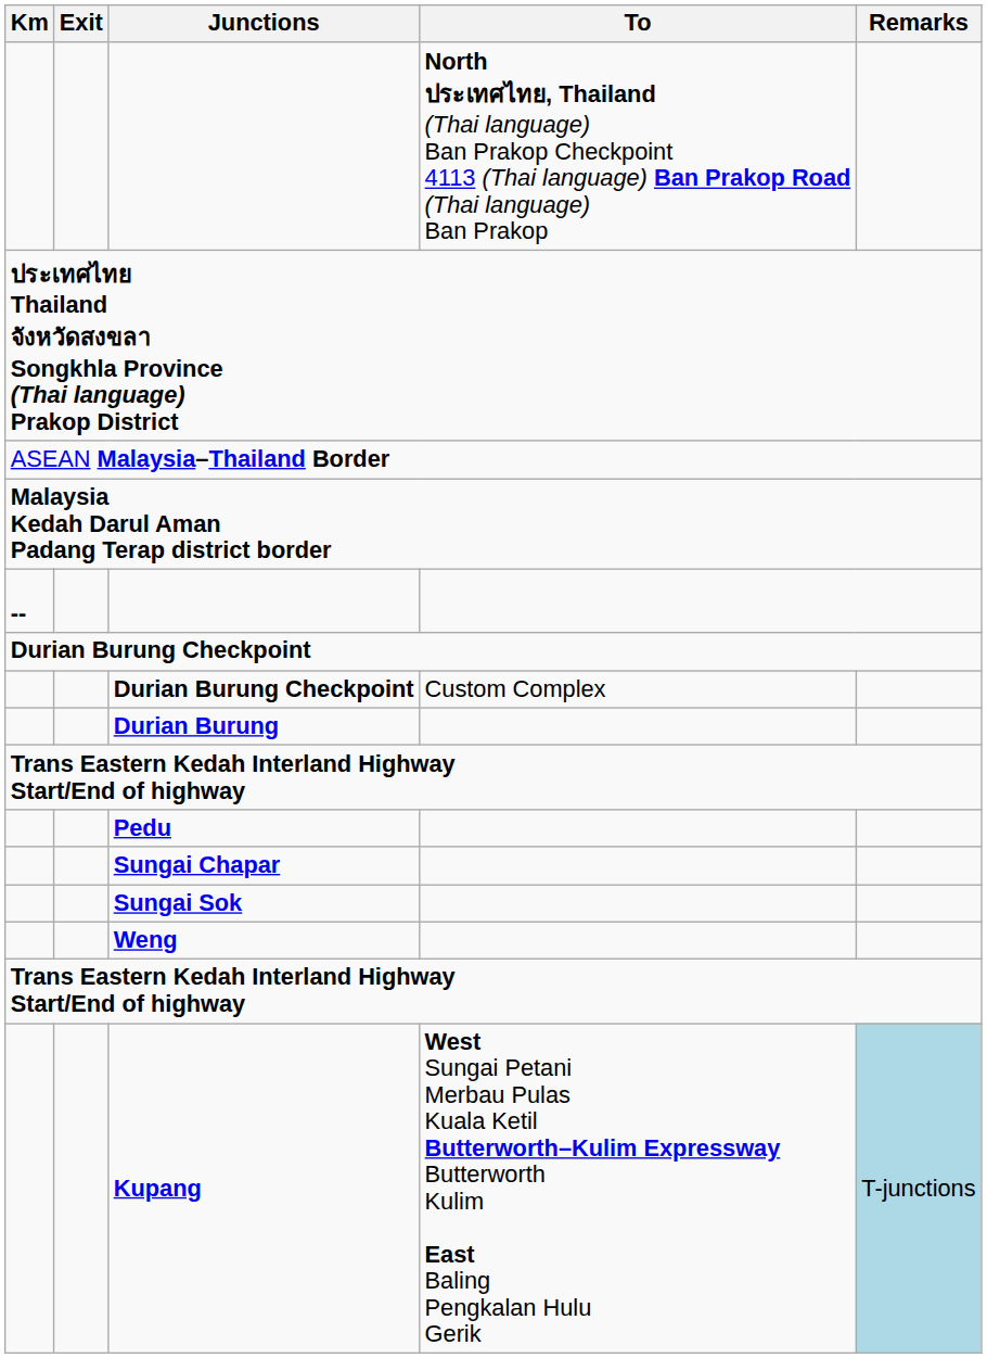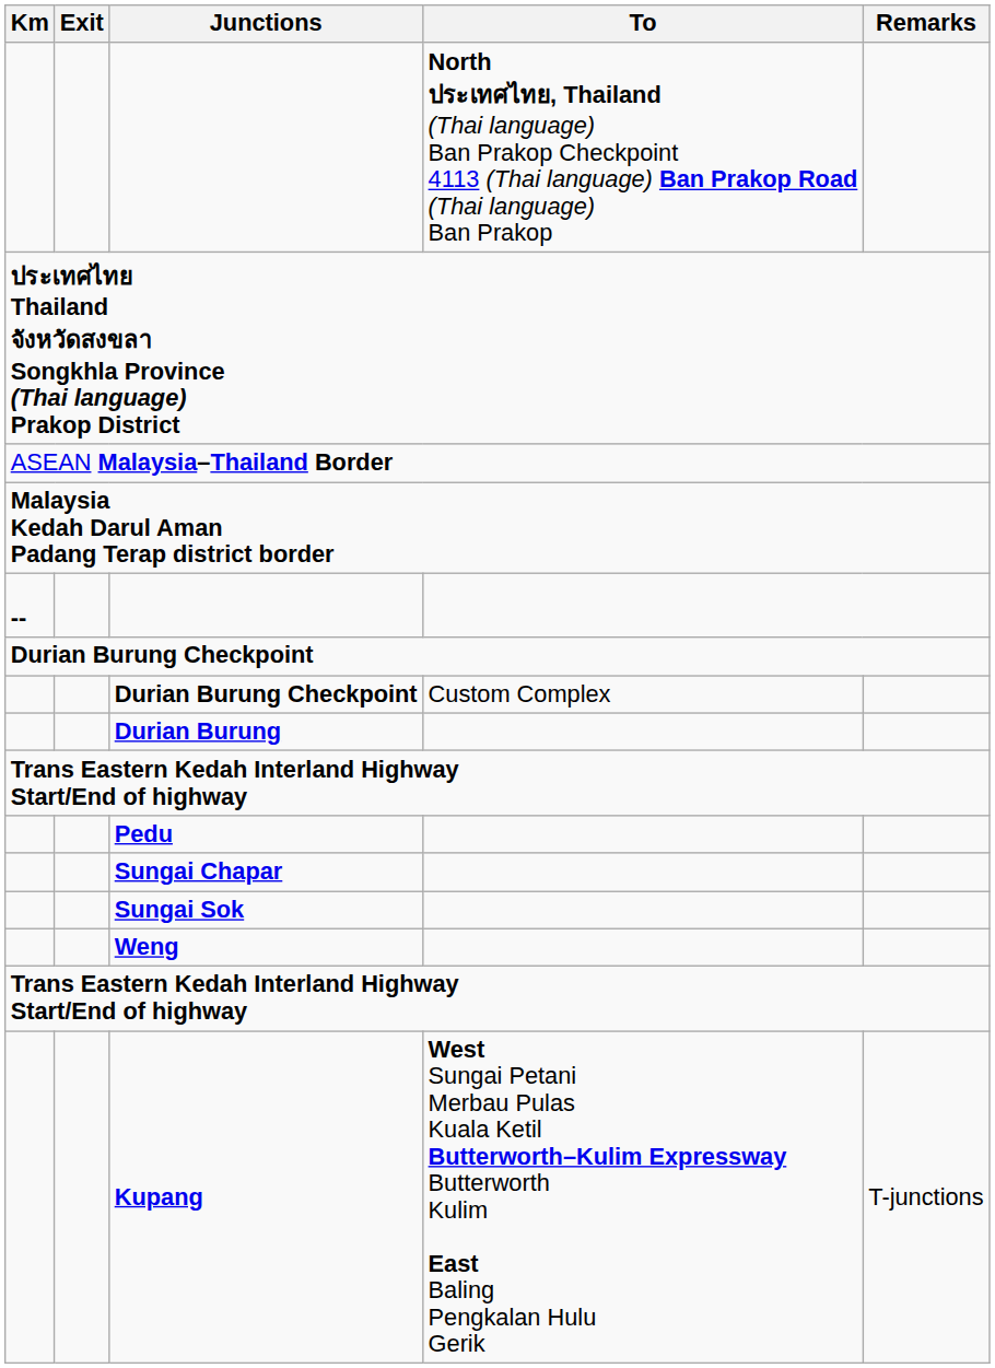 <table class="wikitable">
 <tr>
 <th>Km</th>
 <th>Exit</th>
 <th>Junctions</th>
 <th>To</th>
 <th>Remarks</th>
 </tr>
 <tr>
 <td></td>
 <td></td>
 <td></td>
 <td><strong>North</strong><br> <strong>ประเทศไทย, Thailand</strong><br><em>(Thai language)</em><br>Ban Prakop Checkpoint<br><a href='#'>4113</a> <em>(Thai language)</em> <strong><a href='#'>Ban Prakop Road</a></strong><br><em>(Thai language)</em><br>Ban Prakop</td>
 <td></td>
 </tr>
 <tr>
 <td style="width:600px" colspan="6" style="text-align:center; background:blue;"><strong><span>ประเทศไทย<br>Thailand<br>จังหวัดสงขลา<br>Songkhla Province<br><em>(Thai language)</em><br>Prakop District</span></strong></td>
 </tr>
 <tr>
 <td style="width:600px" colspan="6" style="text-align:center; background:yellow;"><span><a href='#'>ASEAN</a> <strong><a href='#'>Malaysia</a>–<a href='#'>Thailand</a> Border</strong></span></td>
 </tr>
 <tr>
 <td style="width:600px" colspan="6" style="text-align:center; background:blue;"><strong><span>Malaysia<br>Kedah Darul Aman<br>Padang Terap district border</span></strong></td>
 </tr>
 <tr>
 <td><br><strong>--</strong></td>
 <td></td>
 <td></td>
 </tr>
 <tr>
 <td style="width:600px" colspan="6" style="text-align:center; background:blue;"><strong><span>Durian Burung Checkpoint<br></span></strong></td>
 </tr>
 <tr>
 <td></td>
 <td></td>
 <td><strong>Durian Burung Checkpoint</strong></td>
 <td>Custom Complex</td>
 <td></td>
 </tr>
 <tr>
 <td></td>
 <td></td>
 <td><strong><a href='#'>Durian Burung</a></strong></td>
 <td></td>
 <td></td>
 </tr>
 <tr>
 <td style="width:600px" colspan="6" style="text-align:center; background:orange;"><strong><span> Trans Eastern Kedah Interland Highway<br>Start/End of highway<br></span></strong></td>
 </tr>
 <tr>
 <td></td>
 <td></td>
 <td><strong><a href='#'>Pedu</a></strong></td>
 <td></td>
 <td></td>
 </tr>
 <tr>
 <td></td>
 <td></td>
 <td><strong><a href='#'>Sungai Chapar</a></strong></td>
 <td></td>
 <td></td>
 </tr>
 <tr>
 <td></td>
 <td></td>
 <td><strong><a href='#'>Sungai Sok</a></strong></td>
 <td></td>
 <td></td>
 </tr>
 <tr>
 <td></td>
 <td></td>
 <td><strong><a href='#'>Weng</a></strong></td>
 <td></td>
 <td></td>
 </tr>
 <tr>
 <td style="width:600px" colspan="6" style="text-align:center; background:orange;"><strong><span> Trans Eastern Kedah Interland Highway<br>Start/End of highway<br></span></strong></td>
 </tr>
 <tr>
 <td></td>
 <td></td>
 <td><strong><a href='#'>Kupang</a></strong></td>
 <td><strong>West</strong><br> Sungai Petani<br> Merbau Pulas<br> Kuala Ketil<br> <strong><a href='#'>Butterworth–Kulim Expressway</a></strong><br>Butterworth<br>Kulim<br><br><strong>East</strong><br> Baling<br> Pengkalan Hulu<br> Gerik</td>
-<td style="background: lightblue;">T-junctions</td>
+<td>T-junctions</td>
 </tr>
 </table>
